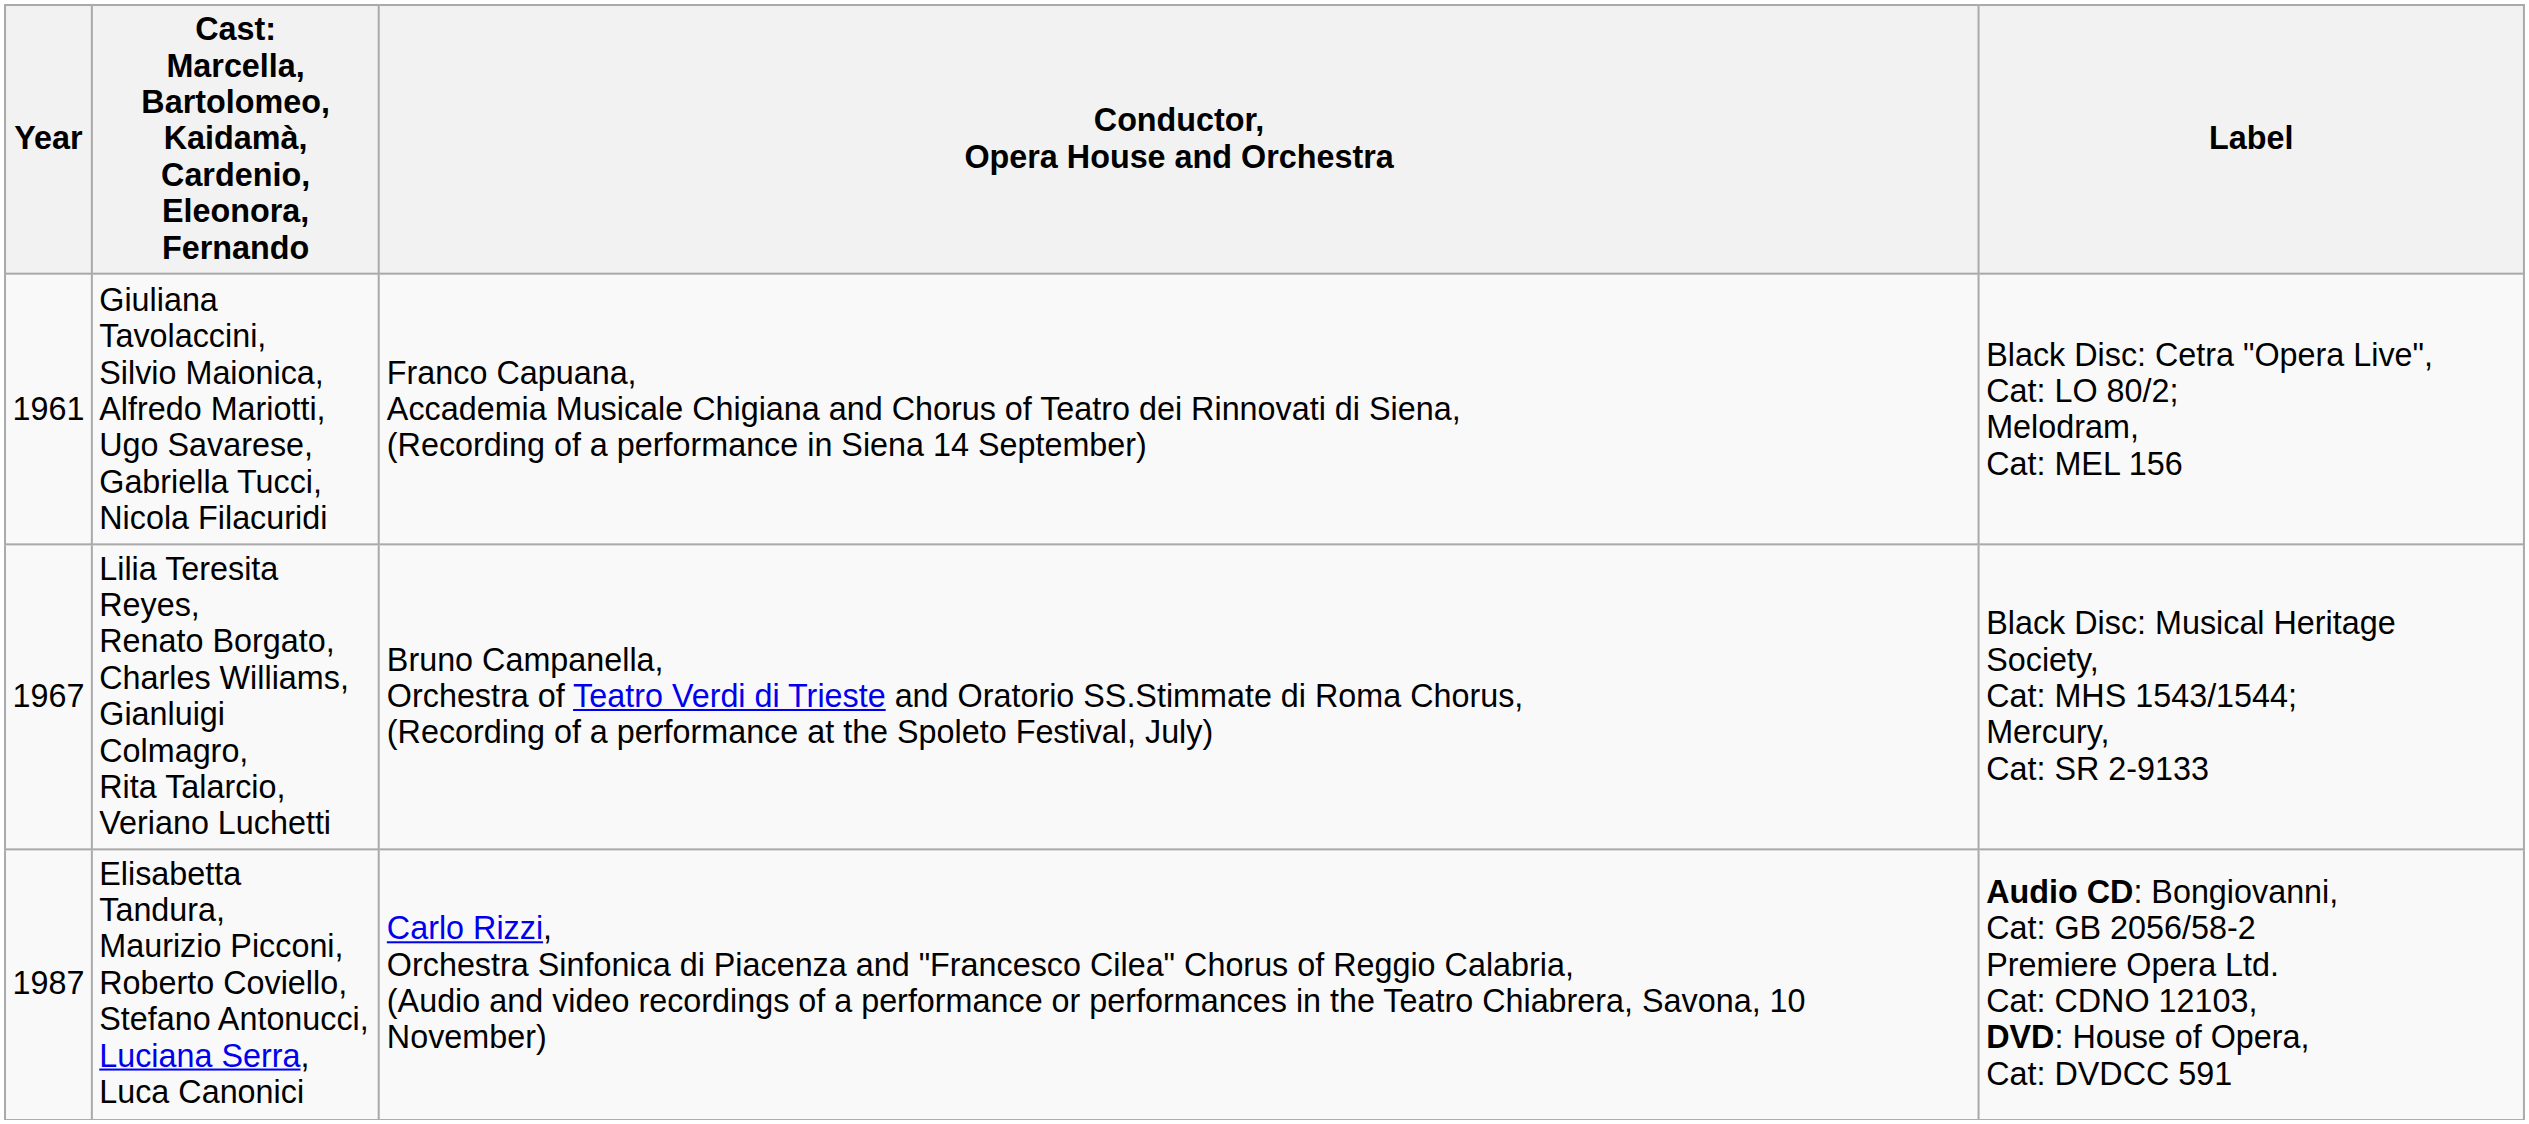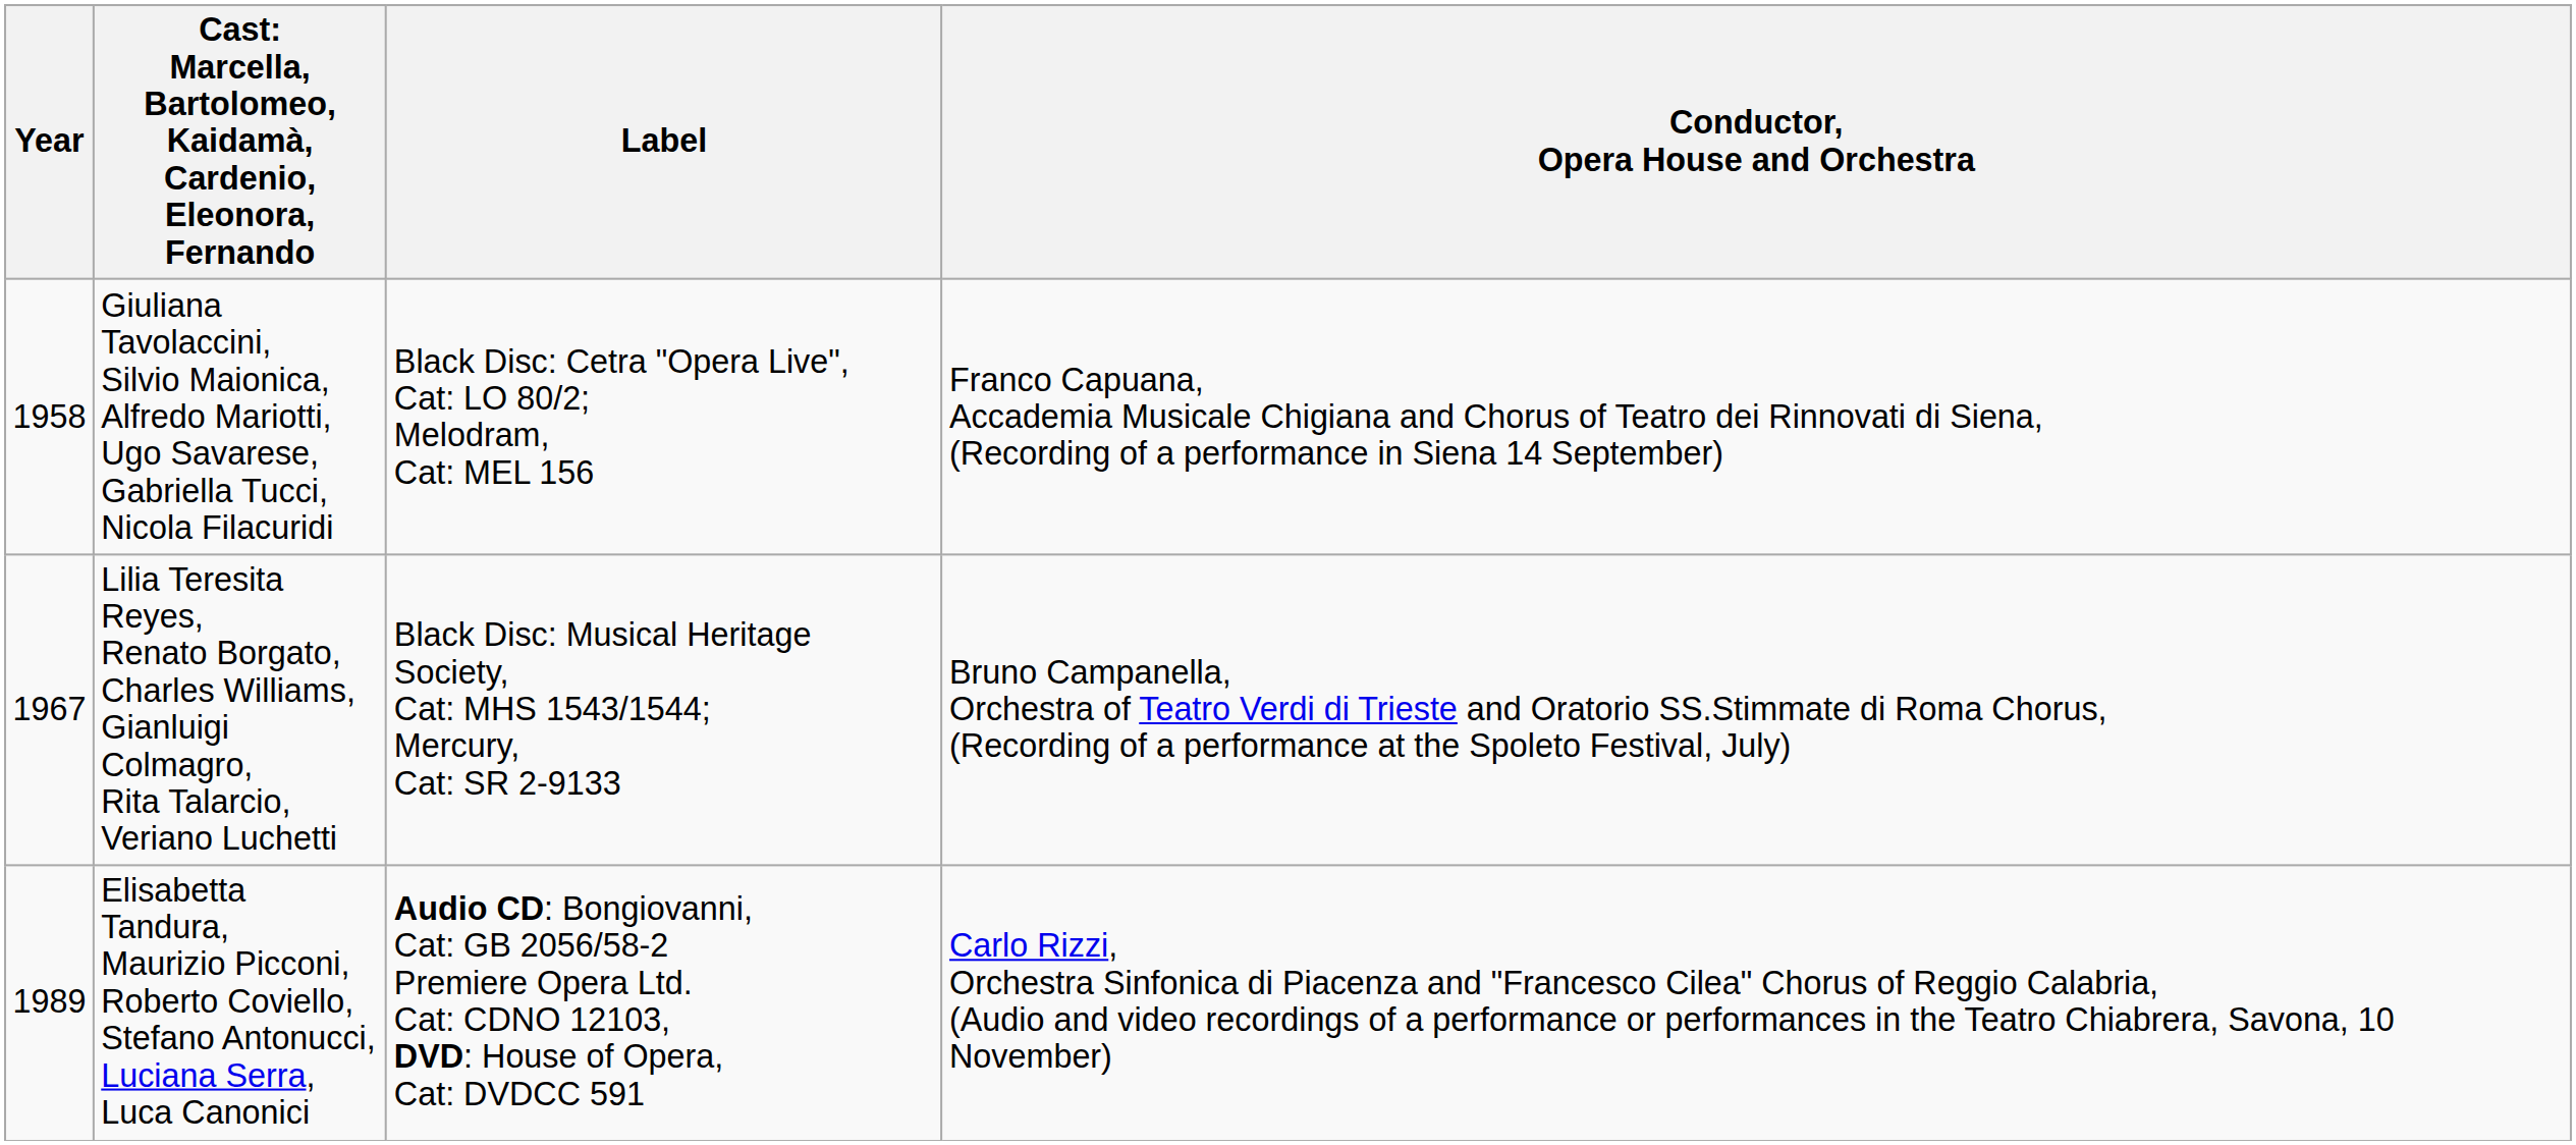 <table class="wikitable">
 <tr>
 <th>Year</th>
 <th style="width:135px;">Cast:<br>Marcella,<br>Bartolomeo,<br>Kaidamà,<br>Cardenio,<br>Eleonora,<br>Fernando</th>
+<th>Label</th>
 <th>Conductor,<br>Opera House and Orchestra</th>
-<th>Label</th>
 </tr>
 <tr>
-<td>1961</td>
+<td>1958</td>
 <td>Giuliana Tavolaccini,<br>Silvio Maionica,<br>Alfredo Mariotti,<br>Ugo Savarese,<br>Gabriella Tucci,<br>Nicola Filacuridi</td>
+<td>Black Disc: Cetra "Opera Live",<br>Cat: LO 80/2;<br>Melodram,<br>Cat: MEL 156</td>
 <td>Franco Capuana,<br>Accademia Musicale Chigiana and Chorus of Teatro dei Rinnovati di Siena,<br>(Recording of a performance in Siena 14 September)</td>
-<td>Black Disc: Cetra "Opera Live",<br>Cat: LO 80/2;<br>Melodram,<br>Cat: MEL 156</td>
 </tr>
 <tr>
 <td>1967</td>
 <td>Lilia Teresita Reyes,<br>Renato Borgato,<br>Charles Williams,<br>Gianluigi Colmagro,<br>Rita Talarcio,<br>Veriano Luchetti</td>
+<td>Black Disc: Musical Heritage Society,<br>Cat: MHS 1543/1544;<br>Mercury,<br>Cat: SR 2-9133</td>
 <td>Bruno Campanella,<br>Orchestra of <a href='#'>Teatro Verdi di Trieste</a> and Oratorio SS.Stimmate di Roma Chorus,<br>(Recording of a performance at the Spoleto Festival, July)</td>
-<td>Black Disc: Musical Heritage Society,<br>Cat: MHS 1543/1544;<br>Mercury,<br>Cat: SR 2-9133</td>
 </tr>
 <tr>
-<td>1987</td>
+<td>1989</td>
 <td>Elisabetta Tandura,<br>Maurizio Picconi,<br>Roberto Coviello,<br>Stefano Antonucci,<br><a href='#'>Luciana Serra</a>,<br>Luca Canonici</td>
+<td><strong>Audio CD</strong>: Bongiovanni,<br>Cat: GB 2056/58-2<br>Premiere Opera Ltd.<br>Cat: CDNO 12103,<br><strong>DVD</strong>: House of Opera,<br>Cat: DVDCC 591</td>
 <td><a href='#'>Carlo Rizzi</a>,<br>Orchestra Sinfonica di Piacenza and "Francesco Cilea" Chorus of Reggio Calabria,<br>(Audio and video recordings of a performance or performances in the Teatro Chiabrera, Savona, 10 November)</td>
-<td><strong>Audio CD</strong>: Bongiovanni,<br>Cat: GB 2056/58-2<br>Premiere Opera Ltd.<br>Cat: CDNO 12103,<br><strong>DVD</strong>: House of Opera,<br>Cat: DVDCC 591</td>
 </tr>
 </table>
